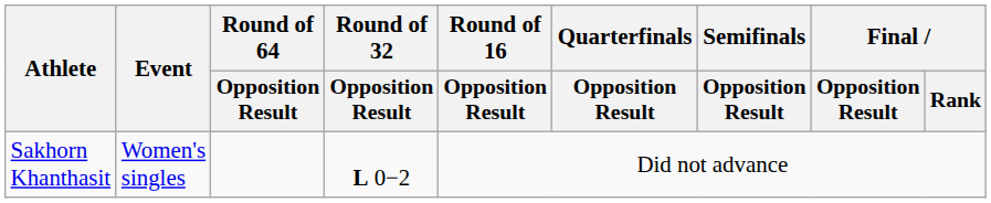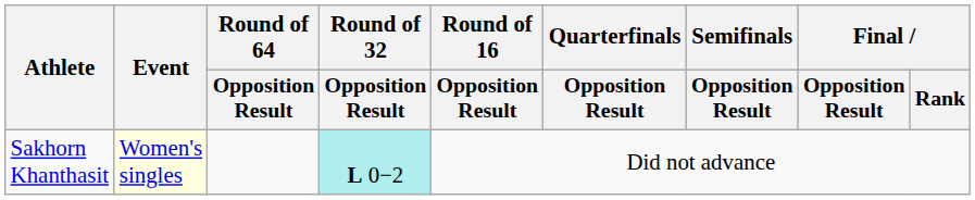 <table class="wikitable" style="font-size:90%;">
 <tr>
 <th rowspan=2>Athlete</th>
 <th rowspan=2>Event</th>
 <th>Round of 64</th>
 <th>Round of 32</th>
 <th>Round of 16</th>
 <th>Quarterfinals</th>
 <th>Semifinals</th>
 <th colspan=2>Final / </th>
 </tr>
 <tr style="font-size:95%">
 <th>Opposition<br>Result</th>
 <th>Opposition<br>Result</th>
 <th>Opposition<br>Result</th>
 <th>Opposition<br>Result</th>
 <th>Opposition<br>Result</th>
 <th>Opposition<br>Result</th>
 <th>Rank</th>
 </tr>
 <tr align=center>
 <td align=left><a href='#'>Sakhorn Khanthasit</a></td>
-<td align=left><a href='#'>Women's singles</a></td>
+<td align=left style="background: lightyellow;"><a href='#'>Women's singles</a></td>
 <td></td>
-<td><br><strong>L</strong> 0−2</td>
+<td style="background: paleturquoise;"><br><strong>L</strong> 0−2</td>
 <td colspan="5">Did not advance</td>
 </tr>
 </table>
